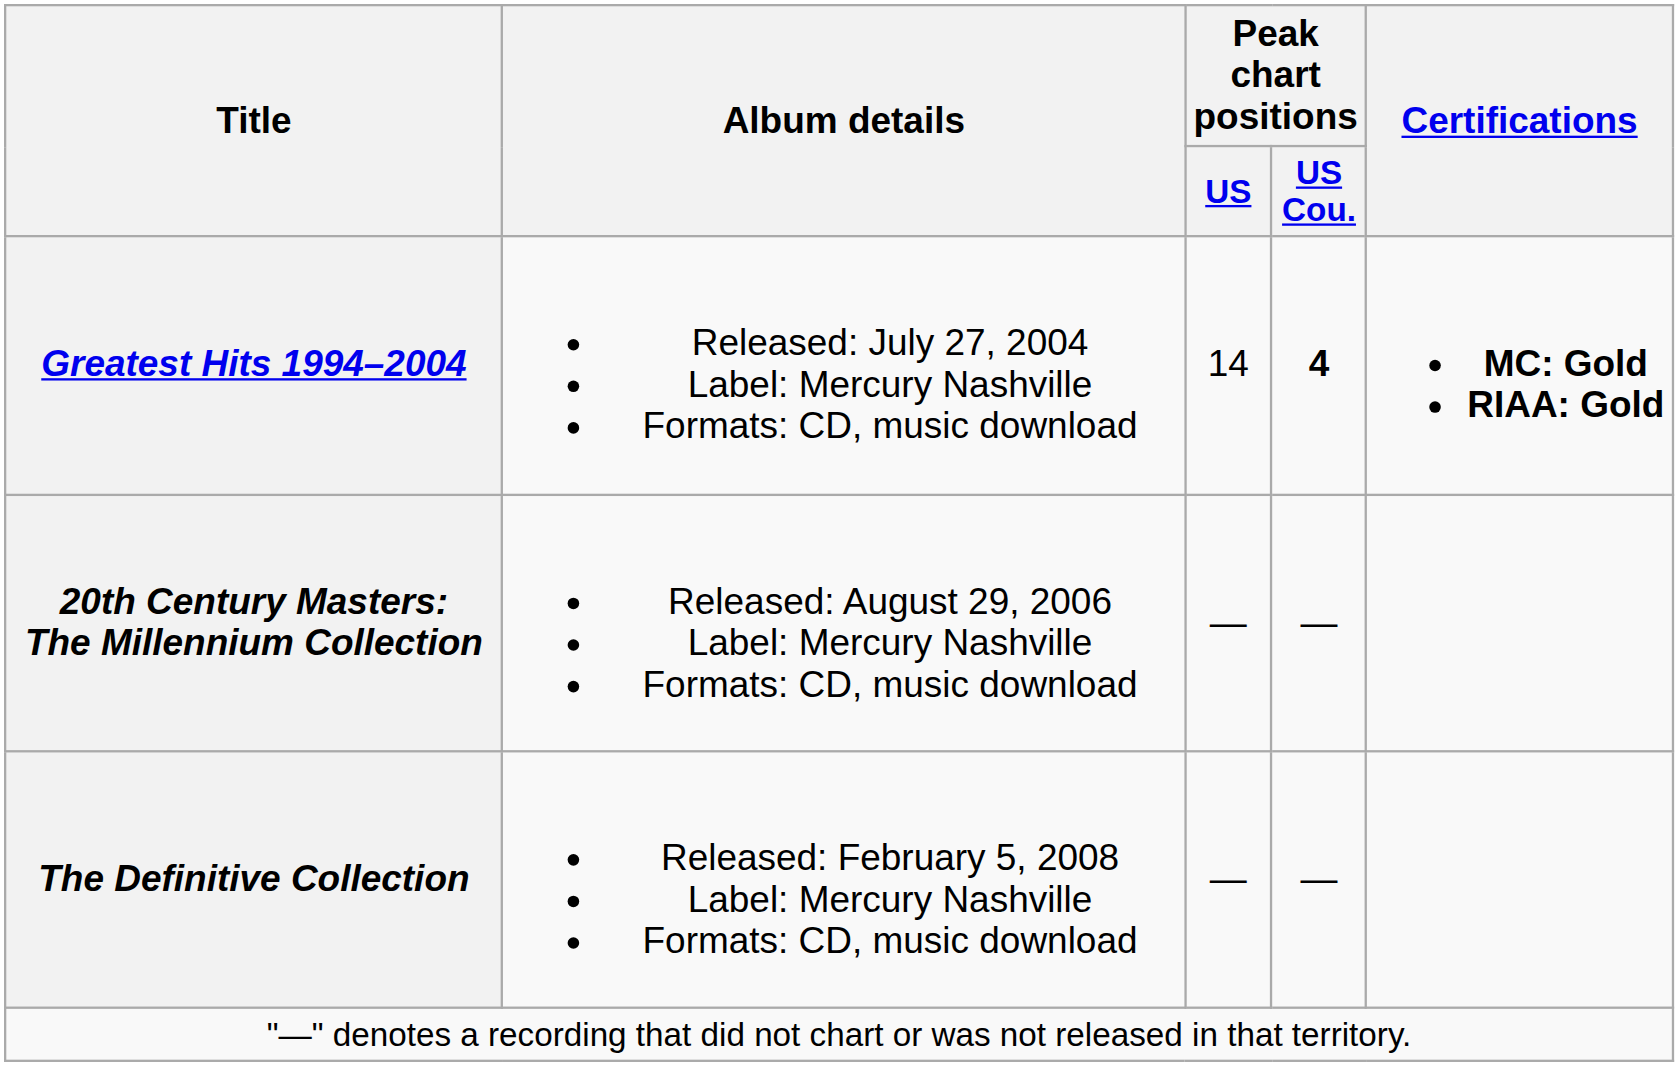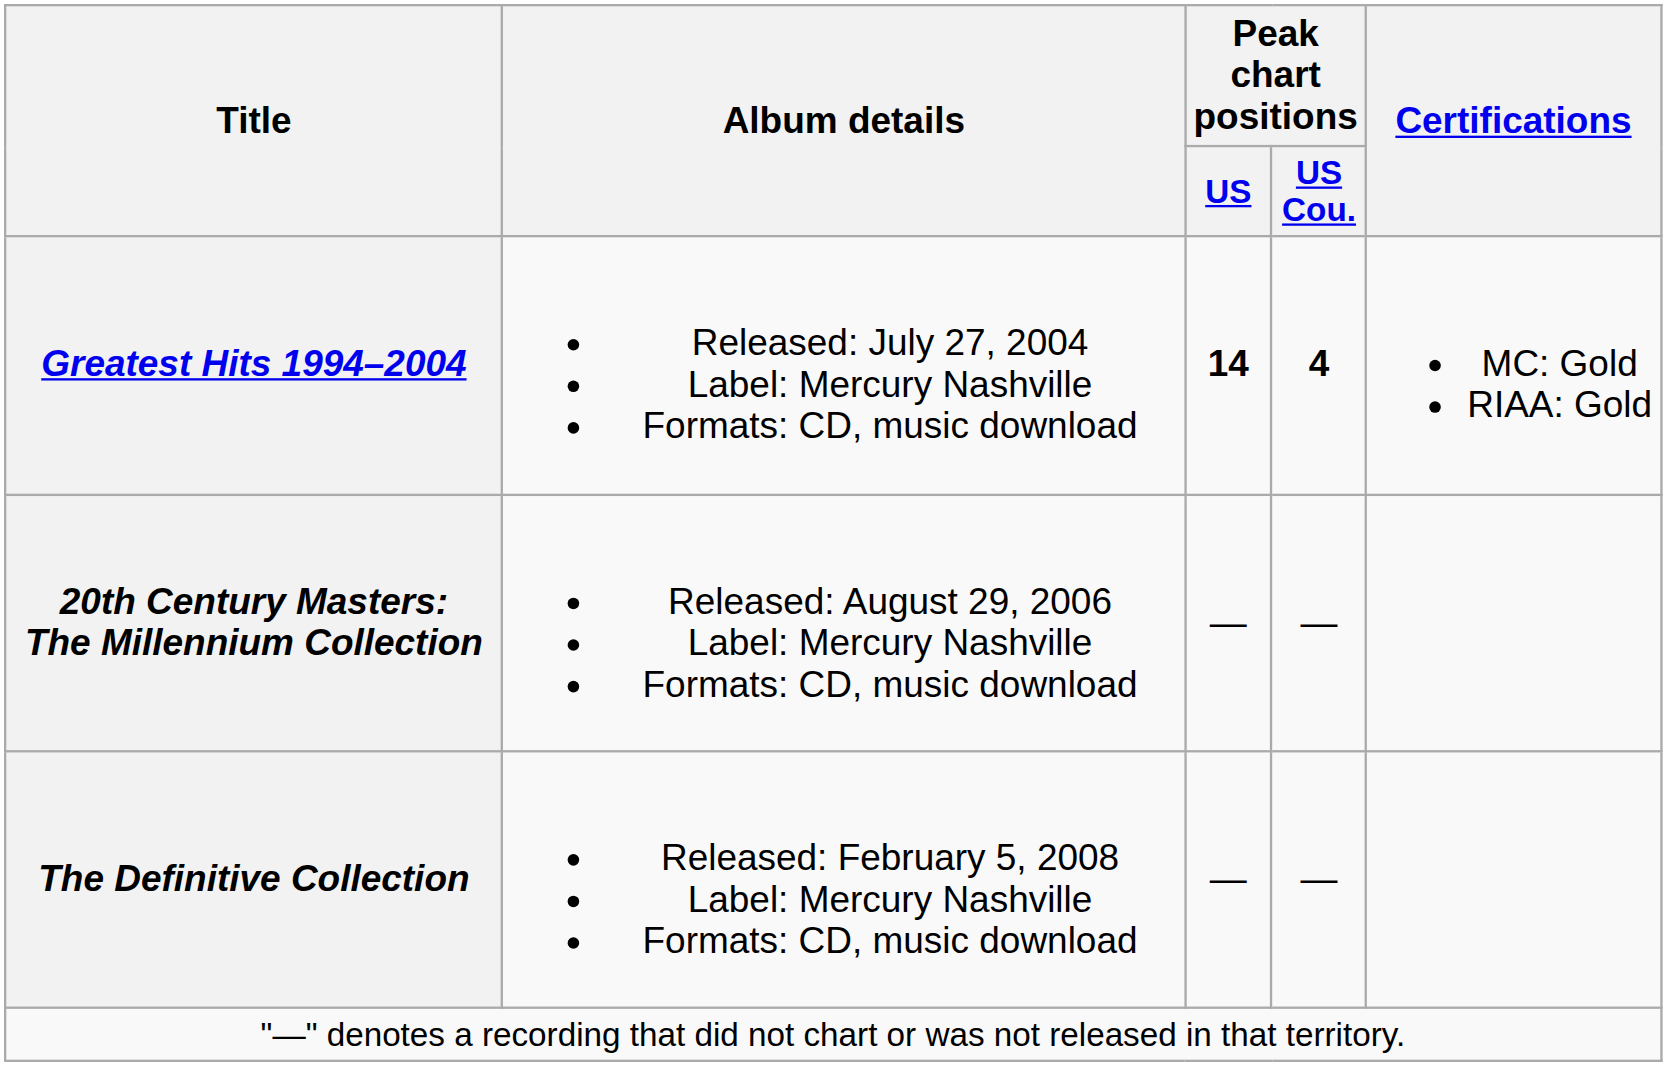 <table class="wikitable plainrowheaders" style="text-align:center;" border="1">
 <tr>
 <th scope="col" rowspan="2" style="width:13em;">Title</th>
 <th scope="col" rowspan="2" style="width:18em;">Album details</th>
 <th scope="col" colspan="2">Peak chart<br>positions</th>
 <th scope="col" rowspan="2"><a href='#'>Certifications</a></th>
 </tr>
 <tr>
 <th scope="col" style="width:2em;font-size:90%;"><a href='#'>US</a><br></th>
 <th scope="col" style="width:2em;font-size:90%;"><a href='#'>US<br>Cou.</a><br></th>
 </tr>
 <tr>
 <th scope="row"><em><a href='#'>Greatest Hits 1994–2004</a></em></th>
 <td><br><ul><li>Released: July 27, 2004</li><li>Label: Mercury Nashville</li><li>Formats: CD, music download</li></ul></td>
-<td>14</td>
+<td><strong>14</strong></td>
 <td><strong>4</strong></td>
-<td><strong><br><ul><li>MC: Gold</li><li>RIAA: Gold</li></ul></strong></td>
+<td><br><ul><li>MC: Gold</li><li>RIAA: Gold</li></ul></td>
 </tr>
 <tr>
 <th scope="row"><em>20th Century Masters:<br>The Millennium Collection</em></th>
 <td><br><ul><li>Released: August 29, 2006</li><li>Label: Mercury Nashville</li><li>Formats: CD, music download</li></ul></td>
 <td>—</td>
 <td>—</td>
 <td></td>
 </tr>
 <tr>
 <th scope="row"><em>The Definitive Collection</em></th>
 <td><br><ul><li>Released: February 5, 2008</li><li>Label: Mercury Nashville</li><li>Formats: CD, music download</li></ul></td>
 <td>—</td>
 <td>—</td>
 <td></td>
 </tr>
 <tr>
 <td colspan="5" style="font-size:90%">"—" denotes a recording that did not chart or was not released in that territory.</td>
 </tr>
 </table>
